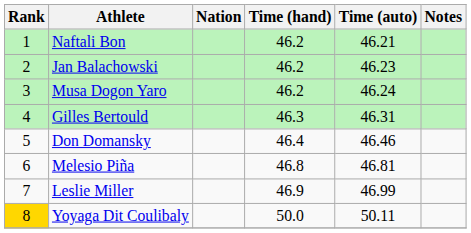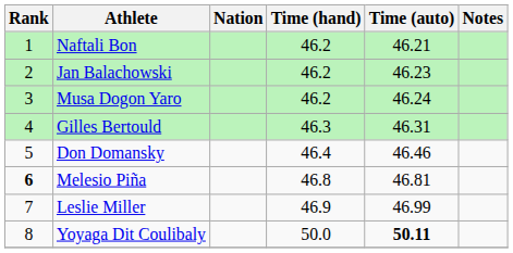 <table class="wikitable sortable" style="text-align:center">
 <tr>
 <th>Rank</th>
 <th>Athlete</th>
 <th>Nation</th>
 <th>Time (hand)</th>
 <th>Time (auto)</th>
 <th>Notes</th>
 </tr>
 <tr bgcolor=bbf3bb>
 <td>1</td>
 <td align=left><a href='#'>Naftali Bon</a></td>
 <td align=left></td>
 <td>46.2</td>
 <td>46.21</td>
 <td></td>
 </tr>
 <tr bgcolor=bbf3bb>
 <td>2</td>
 <td align=left><a href='#'>Jan Balachowski</a></td>
 <td align=left></td>
 <td>46.2</td>
 <td>46.23</td>
 <td></td>
 </tr>
 <tr bgcolor=bbf3bb>
 <td>3</td>
 <td align=left><a href='#'>Musa Dogon Yaro</a></td>
 <td align=left></td>
 <td>46.2</td>
 <td>46.24</td>
 <td></td>
 </tr>
 <tr bgcolor=bbf3bb>
 <td>4</td>
 <td align=left><a href='#'>Gilles Bertould</a></td>
 <td align=left></td>
 <td>46.3</td>
 <td>46.31</td>
 <td></td>
 </tr>
 <tr>
 <td>5</td>
 <td align=left><a href='#'>Don Domansky</a></td>
 <td align=left></td>
 <td>46.4</td>
 <td>46.46</td>
 <td></td>
 </tr>
 <tr>
-<td>6</td>
+<td><strong>6</strong></td>
 <td align=left><a href='#'>Melesio Piña</a></td>
 <td align=left></td>
 <td>46.8</td>
 <td>46.81</td>
 <td></td>
 </tr>
 <tr>
 <td>7</td>
 <td align=left><a href='#'>Leslie Miller</a></td>
 <td align=left></td>
 <td>46.9</td>
 <td>46.99</td>
 <td></td>
 </tr>
 <tr>
-<td style="background: gold;">8</td>
+<td>8</td>
 <td align=left><a href='#'>Yoyaga Dit Coulibaly</a></td>
 <td align=left></td>
 <td>50.0</td>
-<td>50.11</td>
+<td><strong>50.11</strong></td>
 <td></td>
 </tr>
 <tr>
 </tr>
 </table>
